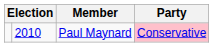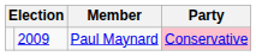 <table class="wikitable">
 <tr>
 <th colspan="2">Election</th>
 <th>Member</th>
 <th>Party</th>
 </tr>
 <tr>
 <td style="color:inherit;background-color: "></td>
-<td><a href='#'>2010</a></td>
+<td><a href='#'>2009</a></td>
 <td><a href='#'>Paul Maynard</a></td>
 <td style="background: pink;"><a href='#'>Conservative</a></td>
 </tr>
 </table>
